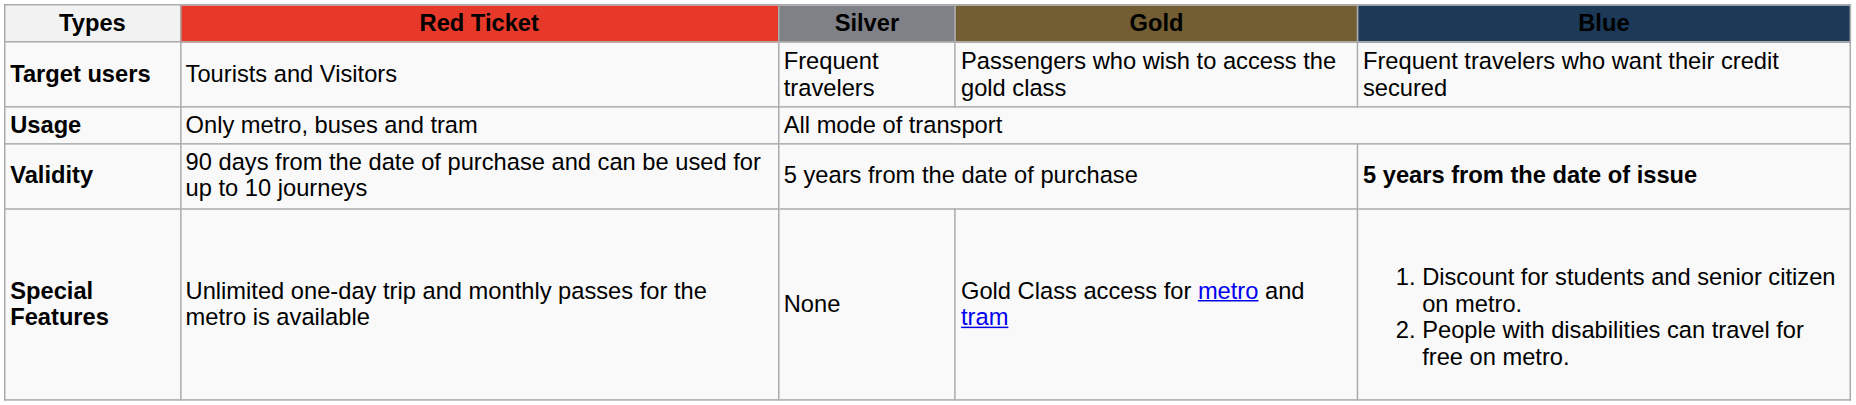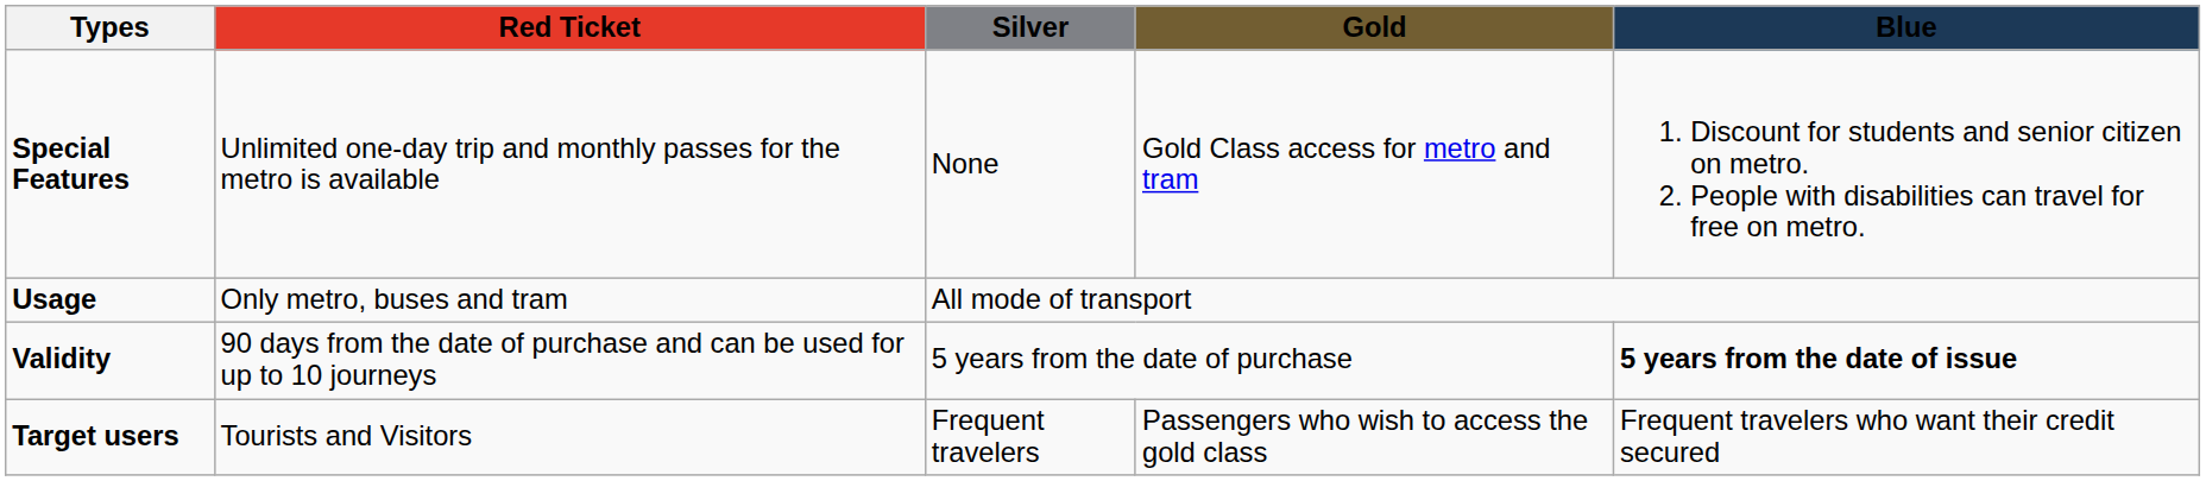 <table class="wikitable">
 <tr>
 <th>Types</th>
 <th style="background: #E63929; text-align: center"><span>Red Ticket  </span></th>
 <th style="background: #7F8186; text-align: center"><span>Silver </span></th>
 <th style="background: #725E32; text-align: center"><span>Gold </span></th>
 <th style="background: #1C3957; text-align: center"><span>Blue </span></th>
 </tr>
 <tr>
-<td><strong>Target users</strong></td>
-<td>Tourists and Visitors</td>
-<td>Frequent travelers</td>
-<td>Passengers who wish to access the gold class</td>
-<td>Frequent travelers who want their credit secured</td>
+<td><strong>Special Features</strong></td>
+<td>Unlimited one-day trip and monthly passes for the metro is available</td>
+<td>None</td>
+<td>Gold Class access for <a href='#'>metro</a> and <a href='#'>tram</a></td>
+<td><br><ol><li>Discount for students and senior citizen on metro.</li><li>People with disabilities can travel for free on metro.</li></ol></td>
 </tr>
 <tr>
 <td><strong>Usage</strong></td>
 <td>Only metro, buses and tram</td>
 <td colspan="3">All mode of transport</td>
 </tr>
 <tr>
 <td><strong>Validity</strong></td>
 <td>90 days from the date of purchase and can be used for up to 10 journeys</td>
 <td colspan="2">5 years from the date of purchase</td>
 <td><strong>5 years from the date of issue</strong></td>
 </tr>
 <tr>
-<td><strong>Special Features</strong></td>
-<td>Unlimited one-day trip and monthly passes for the metro is available</td>
-<td>None</td>
-<td>Gold Class access for <a href='#'>metro</a> and <a href='#'>tram</a></td>
-<td><br><ol><li>Discount for students and senior citizen on metro.</li><li>People with disabilities can travel for free on metro.</li></ol></td>
+<td><strong>Target users</strong></td>
+<td>Tourists and Visitors</td>
+<td>Frequent travelers</td>
+<td>Passengers who wish to access the gold class</td>
+<td>Frequent travelers who want their credit secured</td>
 </tr>
 </table>
